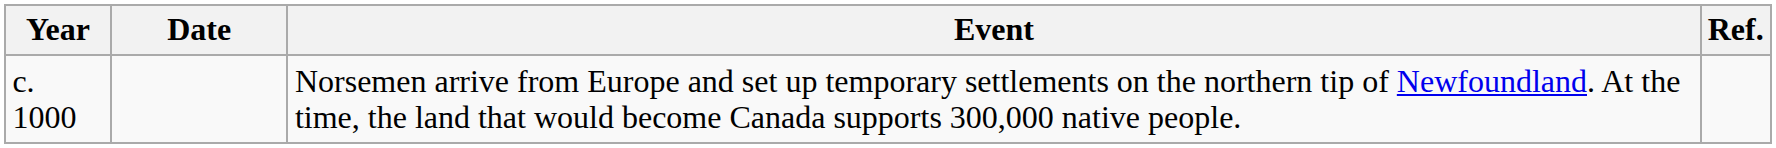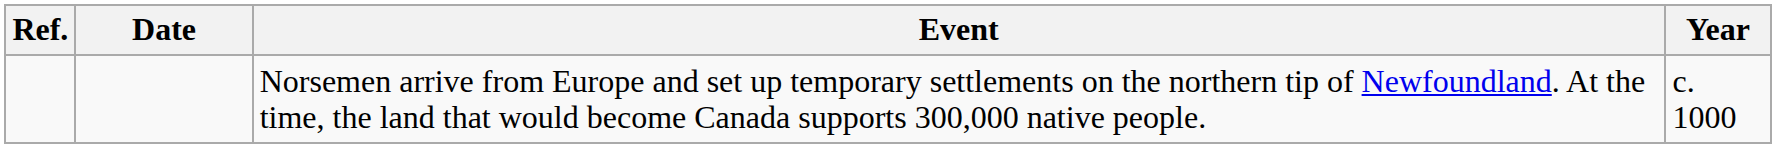 <table class="wikitable" width="100%">
 <tr>
-<th style="width:6%">Year</th>
+<th>Ref.</th>
 <th style="width:10%">Date</th>
 <th>Event</th>
-<th>Ref.</th>
+<th style="width:6%">Year</th>
 </tr>
 <tr>
-<td>c. 1000</td>
+<td></td>
 <td></td>
 <td>Norsemen arrive from Europe and set up temporary settlements on the northern tip of <a href='#'>Newfoundland</a>. At the time, the land that would become Canada supports 300,000 native people.</td>
-<td></td>
+<td>c. 1000</td>
 </tr>
 </table>
